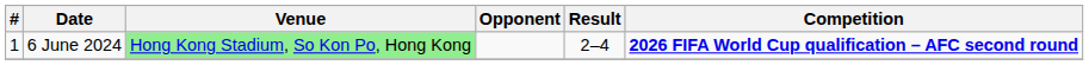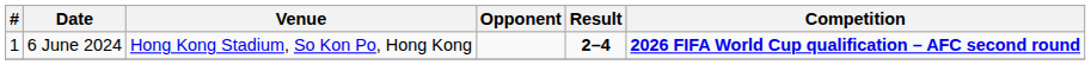 <table class="wikitable collapsible collapsed" style="font-size:85%; text-align: left;">
 <tr bgcolor="#CCCCCC" align="center">
 <th>#</th>
 <th>Date</th>
 <th>Venue</th>
 <th>Opponent</th>
 <th>Result</th>
 <th>Competition</th>
 </tr>
 <tr>
 <td>1</td>
 <td>6 June 2024</td>
-<td style="background: lightgreen;"><a href='#'>Hong Kong Stadium</a>, <a href='#'>So Kon Po</a>, Hong Kong</td>
+<td><a href='#'>Hong Kong Stadium</a>, <a href='#'>So Kon Po</a>, Hong Kong</td>
 <td></td>
-<td align=center>2–4</td>
+<td align=center><strong>2–4</strong></td>
 <td><strong><a href='#'>2026 FIFA World Cup qualification – AFC second round</a></strong></td>
 </tr>
 <tr>
 </tr>
 </table>
